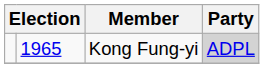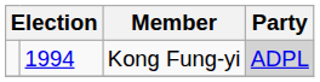 <table class="wikitable">
 <tr>
 <th colspan="2">Election</th>
 <th>Member</th>
 <th>Party</th>
 </tr>
 <tr>
 <td style="color:inherit;background:"></td>
-<td><a href='#'>1965</a></td>
+<td><a href='#'>1994</a></td>
 <td>Kong Fung-yi</td>
 <td style="background: lightgrey;"><a href='#'>ADPL</a></td>
 </tr>
 <tr>
 </tr>
 </table>
